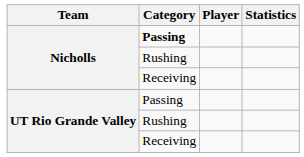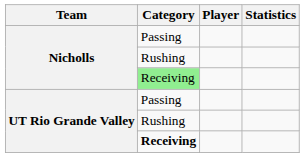 <table class="wikitable" style="float:right">
 <tr>
 <th>Team</th>
 <th>Category</th>
 <th>Player</th>
 <th>Statistics</th>
 </tr>
 <tr>
 <th rowspan=3>Nicholls</th>
-<td><strong>Passing</strong></td>
+<td>Passing</td>
 <td></td>
 <td></td>
 </tr>
 <tr>
 <td>Rushing</td>
 <td></td>
 <td></td>
 </tr>
 <tr>
-<td>Receiving</td>
+<td style="background: lightgreen;">Receiving</td>
 <td></td>
 <td></td>
 </tr>
 <tr>
 <th rowspan=3>UT Rio Grande Valley</th>
 <td>Passing</td>
 <td></td>
 <td></td>
 </tr>
 <tr>
 <td>Rushing</td>
 <td></td>
 <td></td>
 </tr>
 <tr>
-<td>Receiving</td>
+<td><strong>Receiving</strong></td>
 <td></td>
 <td></td>
 </tr>
 </table>
